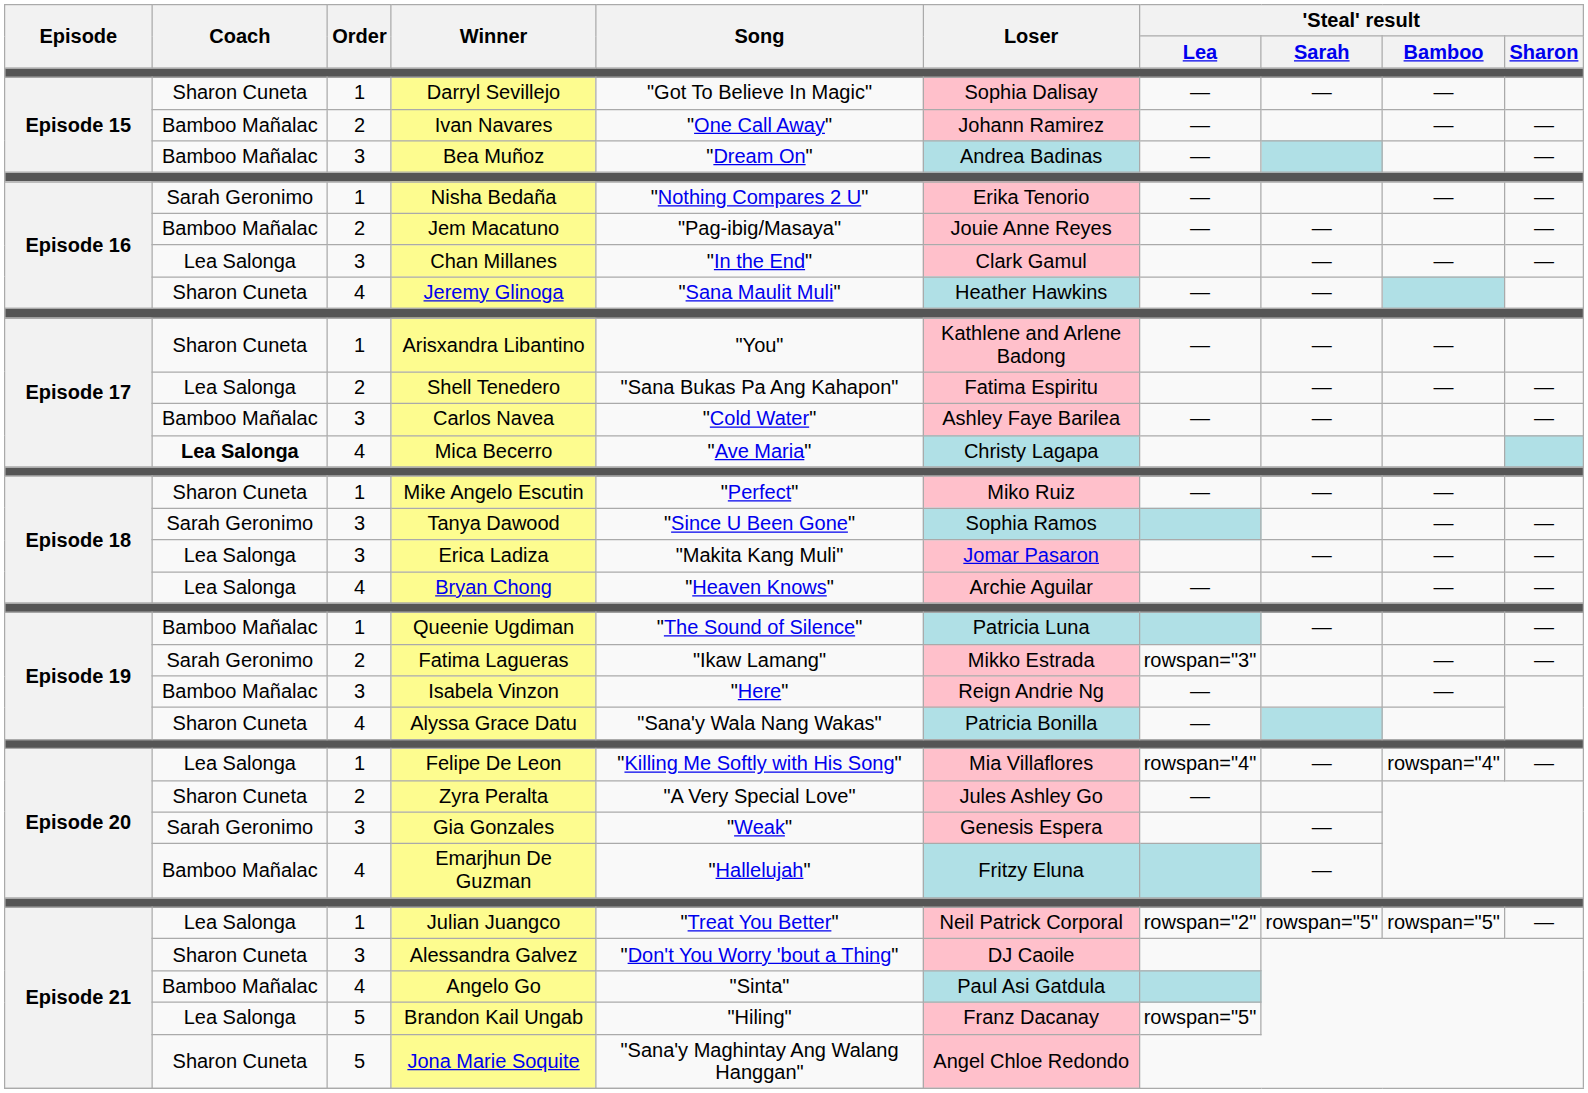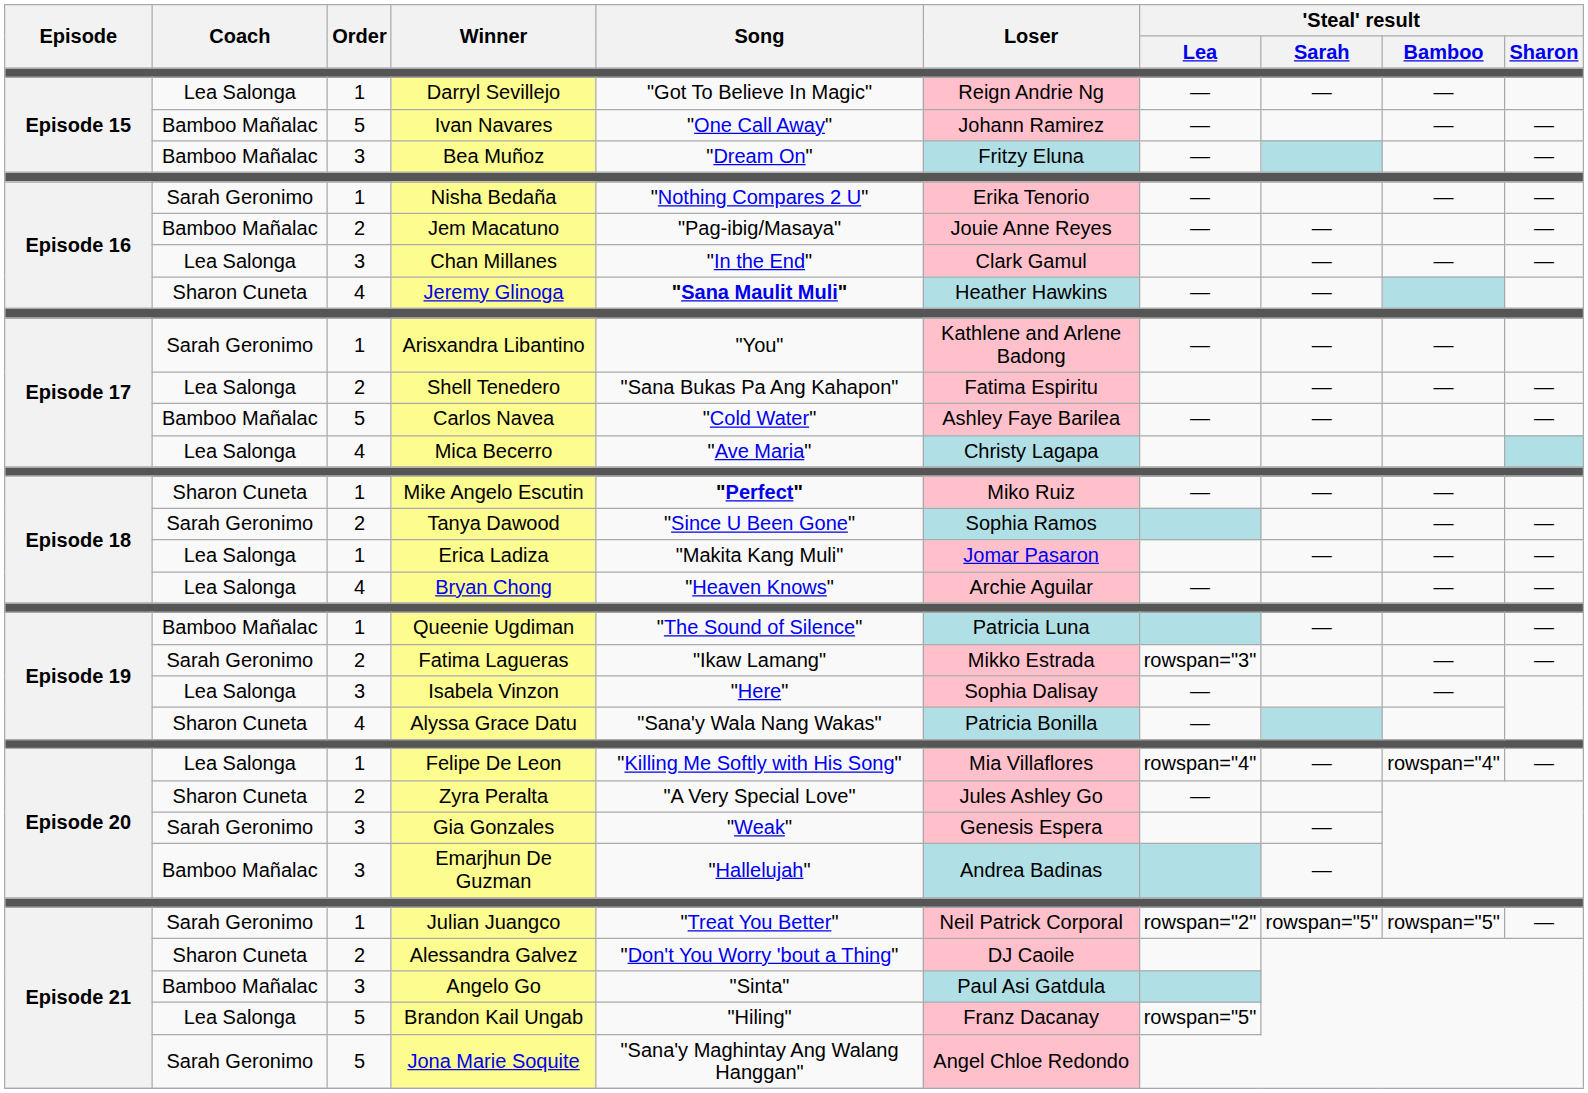 <table class="wikitable" style="text-align: center; width:100%;">
 <tr>
 <th rowspan="2" style="width:10%;">Episode</th>
 <th rowspan="2" style="width:12%;">Coach</th>
 <th rowspan="2" style="width:03%;">Order</th>
 <th rowspan="2" style="width:14%;">Winner</th>
 <th rowspan="2" style="width:23%;">Song</th>
 <th rowspan="2" style="width:14%;">Loser</th>
 <th colspan="4">'Steal' result</th>
 </tr>
 <tr>
 <th style="width:06%;"><a href='#'>Lea</a></th>
 <th style="width:06%;"><a href='#'>Sarah</a></th>
 <th style="width:06%;"><a href='#'>Bamboo</a></th>
 <th style="width:06%;"><a href='#'>Sharon</a></th>
 </tr>
 <tr>
 <td colspan="10" style="background:#555;"></td>
 </tr>
 <tr>
 <th rowspan="3">Episode 15 <br><small></small></th>
-<td>Sharon Cuneta</td>
+<td>Lea Salonga</td>
 <td>1</td>
 <td style="background:#fdfc8f;">Darryl Sevillejo</td>
 <td>"Got To Believe In Magic"</td>
-<td style="background:pink;">Sophia Dalisay</td>
+<td style="background:pink;">Reign Andrie Ng</td>
 <td>—</td>
 <td>—</td>
 <td>—</td>
 <td></td>
 </tr>
 <tr>
 <td>Bamboo Mañalac</td>
-<td>2</td>
+<td>5</td>
 <td style="background:#fdfc8f;">Ivan Navares</td>
 <td>"<a href='#'>One Call Away</a>"</td>
 <td style="background:pink;">Johann Ramirez</td>
 <td>—</td>
 <td></td>
 <td>—</td>
 <td>—</td>
 </tr>
 <tr>
 <td>Bamboo Mañalac</td>
 <td>3</td>
 <td style="background:#fdfc8f;">Bea Muñoz</td>
 <td>"<a href='#'>Dream On</a>"</td>
-<td style="background:#b0e0e6;">Andrea Badinas</td>
+<td style="background:#b0e0e6;">Fritzy Eluna</td>
 <td>—</td>
 <td style="background:#b0e0e6;"><strong></strong></td>
 <td></td>
 <td>—</td>
 </tr>
 <tr>
 <td colspan="10" style="background:#555;"></td>
 </tr>
 <tr>
 <th rowspan="4">Episode 16 <br><small></small></th>
 <td>Sarah Geronimo</td>
 <td>1</td>
 <td style="background:#fdfc8f;">Nisha Bedaña</td>
 <td>"<a href='#'>Nothing Compares 2 U</a>"</td>
 <td style="background:pink;">Erika Tenorio</td>
 <td>—</td>
 <td></td>
 <td>—</td>
 <td>—</td>
 </tr>
 <tr>
 <td>Bamboo Mañalac</td>
 <td>2</td>
 <td style="background:#fdfc8f;">Jem Macatuno</td>
 <td>"Pag-ibig/Masaya"</td>
 <td style="background:pink;">Jouie Anne Reyes</td>
 <td>—</td>
 <td>—</td>
 <td></td>
 <td>—</td>
 </tr>
 <tr>
 <td>Lea Salonga</td>
 <td>3</td>
 <td style="background:#fdfc8f;">Chan Millanes</td>
 <td>"<a href='#'>In the End</a>"</td>
 <td style="background:pink;">Clark Gamul</td>
 <td></td>
 <td>—</td>
 <td>—</td>
 <td>—</td>
 </tr>
 <tr>
 <td>Sharon Cuneta</td>
 <td>4</td>
 <td style="background:#fdfc8f;"><a href='#'>Jeremy Glinoga</a></td>
-<td>"<a href='#'>Sana Maulit Muli</a>"</td>
+<td><strong>"<a href='#'>Sana Maulit Muli</a>"</strong></td>
 <td style="background:#b0e0e6;">Heather Hawkins</td>
 <td>—</td>
 <td>—</td>
 <td style="background:#b0e0e6;"><strong></strong></td>
 <td></td>
 </tr>
 <tr>
 </tr>
 <tr>
 <td colspan="10" style="background:#555;"></td>
 </tr>
 <tr>
 <th rowspan="4">Episode 17 <br><small></small></th>
-<td>Sharon Cuneta</td>
+<td>Sarah Geronimo</td>
 <td>1</td>
 <td style="background:#fdfc8f;">Arisxandra Libantino</td>
 <td>"You"</td>
 <td style="background:pink;">Kathlene and Arlene Badong</td>
 <td>—</td>
 <td>—</td>
 <td>—</td>
 <td></td>
 </tr>
 <tr>
 <td>Lea Salonga</td>
 <td>2</td>
 <td style="background:#fdfc8f;">Shell Tenedero</td>
 <td>"Sana Bukas Pa Ang Kahapon"</td>
 <td style="background:pink;">Fatima Espiritu</td>
 <td></td>
 <td>—</td>
 <td>—</td>
 <td>—</td>
 </tr>
 <tr>
 <td>Bamboo Mañalac</td>
-<td>3</td>
+<td>5</td>
 <td style="background:#fdfc8f;">Carlos Navea</td>
 <td>"<a href='#'>Cold Water</a>"</td>
 <td style="background:pink;">Ashley Faye Barilea</td>
 <td>—</td>
 <td>—</td>
 <td></td>
 <td>—</td>
 </tr>
 <tr>
-<td><strong>Lea Salonga</strong></td>
+<td>Lea Salonga</td>
 <td>4</td>
 <td style="background:#fdfc8f;">Mica Becerro</td>
 <td>"<a href='#'>Ave Maria</a>"</td>
 <td style="background:#b0e0e6;">Christy Lagapa</td>
 <td></td>
 <td><strong></strong></td>
 <td><strong></strong></td>
 <td style="background:#b0e0e6;"><strong></strong></td>
 </tr>
 <tr>
 </tr>
 <tr>
 <td colspan="10" style="background:#555;"></td>
 </tr>
 <tr>
 <th rowspan="4">Episode 18 <br><small></small></th>
 <td>Sharon Cuneta</td>
 <td>1</td>
 <td style="background:#fdfc8f;">Mike Angelo Escutin</td>
-<td>"<a href='#'>Perfect</a>"</td>
+<td><strong>"<a href='#'>Perfect</a>"</strong></td>
 <td style="background:pink;" width="15%">Miko Ruiz</td>
 <td>—</td>
 <td>—</td>
 <td>—</td>
 <td></td>
 </tr>
 <tr>
 <td>Sarah Geronimo</td>
-<td>3</td>
+<td>2</td>
 <td style="background:#fdfc8f;">Tanya Dawood</td>
 <td>"<a href='#'>Since U Been Gone</a>"</td>
 <td style="background:#b0e0e6;">Sophia Ramos</td>
 <td style="background:#b0e0e6;"><strong></strong></td>
 <td></td>
 <td>—</td>
 <td>—</td>
 </tr>
 <tr>
 <td>Lea Salonga</td>
-<td>3</td>
+<td>1</td>
 <td style="background:#fdfc8f;">Erica Ladiza</td>
 <td>"Makita Kang Muli"</td>
 <td style="background:pink;"><a href='#'>Jomar Pasaron</a></td>
 <td></td>
 <td>—</td>
 <td>—</td>
 <td>—</td>
 </tr>
 <tr>
 <td>Lea Salonga</td>
 <td>4</td>
 <td style="background:#fdfc8f;"><a href='#'>Bryan Chong</a></td>
 <td>"<a href='#'>Heaven Knows</a>"</td>
 <td style="background:pink;">Archie Aguilar</td>
 <td>—</td>
 <td></td>
 <td>—</td>
 <td>—</td>
 </tr>
 <tr>
 </tr>
 <tr>
 <td colspan="10" style="background:#555;"></td>
 </tr>
 <tr>
 <th rowspan="4">Episode 19 <br><small></small></th>
 <td>Bamboo Mañalac</td>
 <td>1</td>
 <td style="background:#fdfc8f;">Queenie Ugdiman</td>
 <td>"<a href='#'>The Sound of Silence</a>"</td>
 <td style="background:#b0e0e6;">Patricia Luna</td>
 <td style="background:#b0e0e6;"><strong></strong></td>
 <td>—</td>
 <td></td>
 <td>—</td>
 </tr>
 <tr>
 <td>Sarah Geronimo</td>
 <td>2</td>
 <td style="background:#fdfc8f;">Fatima Lagueras</td>
 <td>"Ikaw Lamang"</td>
 <td style="background:pink;">Mikko Estrada</td>
 <td>rowspan="3" </td>
 <td></td>
 <td>—</td>
 <td>—</td>
 </tr>
 <tr>
-<td>Bamboo Mañalac</td>
+<td>Lea Salonga</td>
 <td>3</td>
 <td style="background:#fdfc8f;">Isabela Vinzon</td>
 <td>"<a href='#'>Here</a>"</td>
-<td style="background:pink;">Reign Andrie Ng</td>
+<td style="background:pink;">Sophia Dalisay</td>
 <td>—</td>
 <td></td>
 <td>—</td>
 </tr>
 <tr>
 <td>Sharon Cuneta</td>
 <td>4</td>
 <td style="background:#fdfc8f;">Alyssa Grace Datu</td>
 <td>"Sana'y Wala Nang Wakas"</td>
 <td style="background:#b0e0e6;">Patricia Bonilla</td>
 <td>—</td>
 <td style="background:#b0e0e6;"><strong></strong></td>
 <td></td>
 </tr>
 <tr>
 </tr>
 <tr>
 <td colspan="10" style="background:#555;"></td>
 </tr>
 <tr>
 <th rowspan="4">Episode 20 <br><small></small></th>
 <td>Lea Salonga</td>
 <td>1</td>
 <td style="background:#fdfc8f;">Felipe De Leon</td>
 <td>"<a href='#'>Killing Me Softly with His Song</a>"</td>
 <td style="background:pink;" width="15%">Mia Villaflores</td>
 <td>rowspan="4" </td>
 <td>—</td>
 <td>rowspan="4" </td>
 <td>—</td>
 </tr>
 <tr>
 <td>Sharon Cuneta</td>
 <td>2</td>
 <td style="background:#fdfc8f;">Zyra Peralta</td>
 <td>"A Very Special Love"</td>
 <td style="background:pink;">Jules Ashley Go</td>
 <td>—</td>
 <td></td>
 </tr>
 <tr>
 <td>Sarah Geronimo</td>
 <td>3</td>
 <td style="background:#fdfc8f;">Gia Gonzales</td>
 <td>"<a href='#'>Weak</a>"</td>
 <td style="background:pink;">Genesis Espera</td>
 <td></td>
 <td>—</td>
 </tr>
 <tr>
 <td>Bamboo Mañalac</td>
-<td>4</td>
+<td>3</td>
 <td style="background:#fdfc8f;">Emarjhun De Guzman</td>
 <td>"<a href='#'>Hallelujah</a>"</td>
-<td style="background:#b0e0e6;">Fritzy Eluna</td>
+<td style="background:#b0e0e6;">Andrea Badinas</td>
 <td style="background:#b0e0e6;"><strong></strong></td>
 <td>—</td>
 </tr>
 <tr>
 </tr>
 <tr>
 <td colspan="10" style="background:#555;"></td>
 </tr>
 <tr>
 <th rowspan="5">Episode 21 <br><small></small></th>
-<td>Lea Salonga</td>
+<td>Sarah Geronimo</td>
 <td>1</td>
 <td style="background:#fdfc8f;">Julian Juangco</td>
 <td>"<a href='#'>Treat You Better</a>"</td>
 <td style="background:pink;">Neil Patrick Corporal</td>
 <td>rowspan="2" </td>
 <td>rowspan="5" </td>
 <td>rowspan="5" </td>
 <td>—</td>
 </tr>
 <tr>
 <td>Sharon Cuneta</td>
-<td>3</td>
+<td>2</td>
 <td style="background:#fdfc8f;">Alessandra Galvez</td>
 <td>"<a href='#'>Don't You Worry 'bout a Thing</a>"</td>
 <td style="background:pink;">DJ Caoile</td>
 <td></td>
 </tr>
 <tr>
 <td>Bamboo Mañalac</td>
-<td>4</td>
+<td>3</td>
 <td style="background:#fdfc8f;">Angelo Go</td>
 <td>"Sinta"</td>
 <td style="background:#b0e0e6;">Paul Asi Gatdula</td>
 <td style="background:#b0e0e6;"><strong></strong></td>
 </tr>
 <tr>
 <td>Lea Salonga</td>
 <td>5</td>
 <td style="background:#fdfc8f;">Brandon Kail Ungab</td>
 <td>"Hiling"</td>
 <td style="background:pink;">Franz Dacanay</td>
 <td>rowspan="5" </td>
 </tr>
 <tr>
-<td>Sharon Cuneta</td>
+<td>Sarah Geronimo</td>
 <td>5</td>
 <td style="background:#fdfc8f;"><a href='#'>Jona Marie Soquite</a></td>
 <td>"Sana'y Maghintay Ang Walang Hanggan"</td>
 <td style="background:pink;">Angel Chloe Redondo</td>
 </tr>
 <tr>
 </tr>
 </table>
